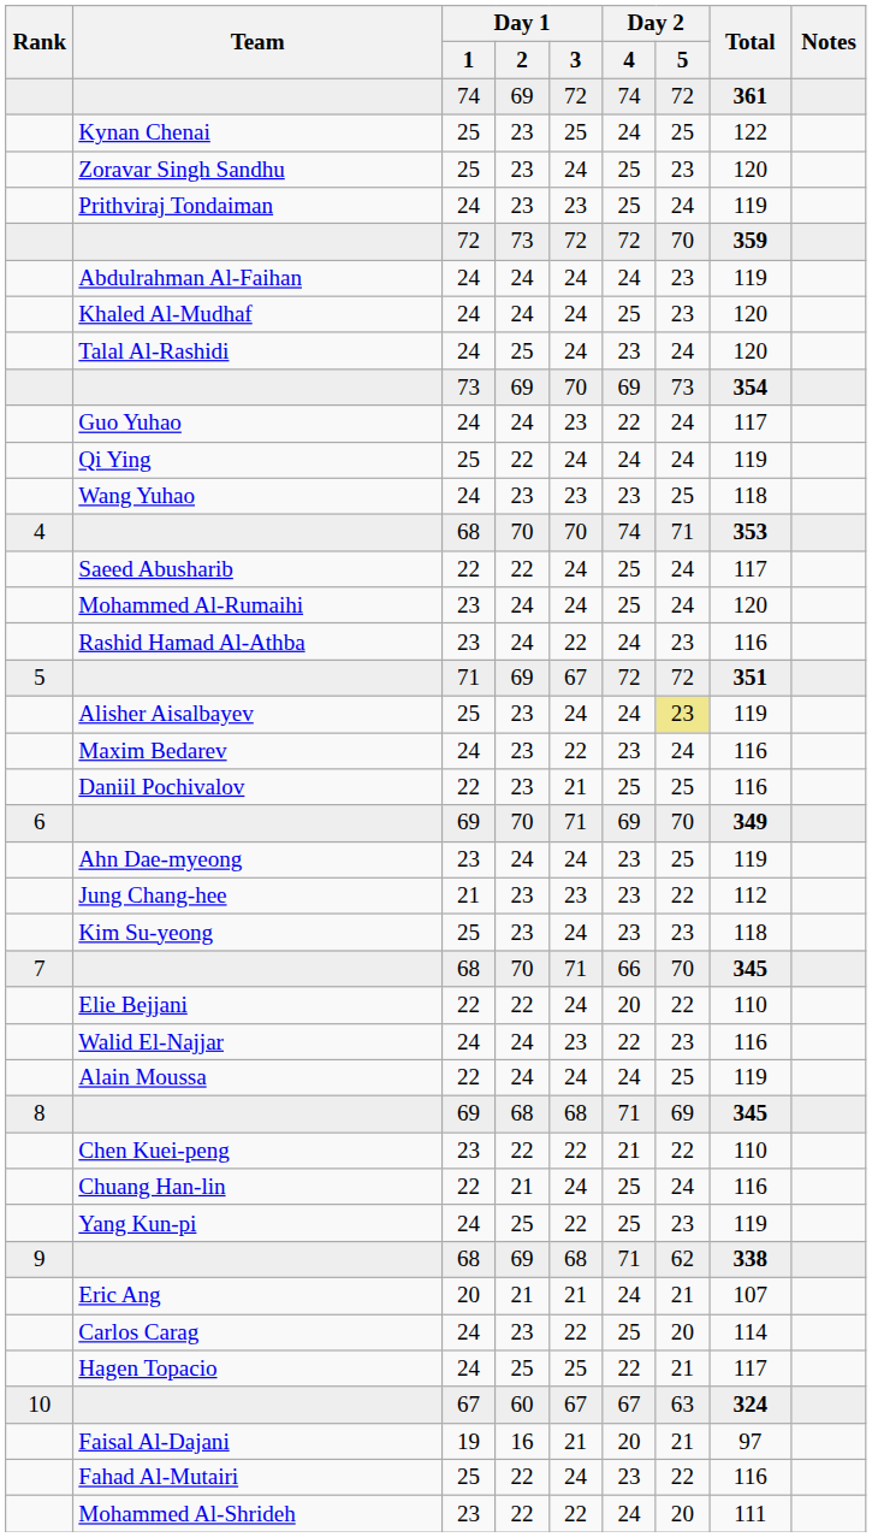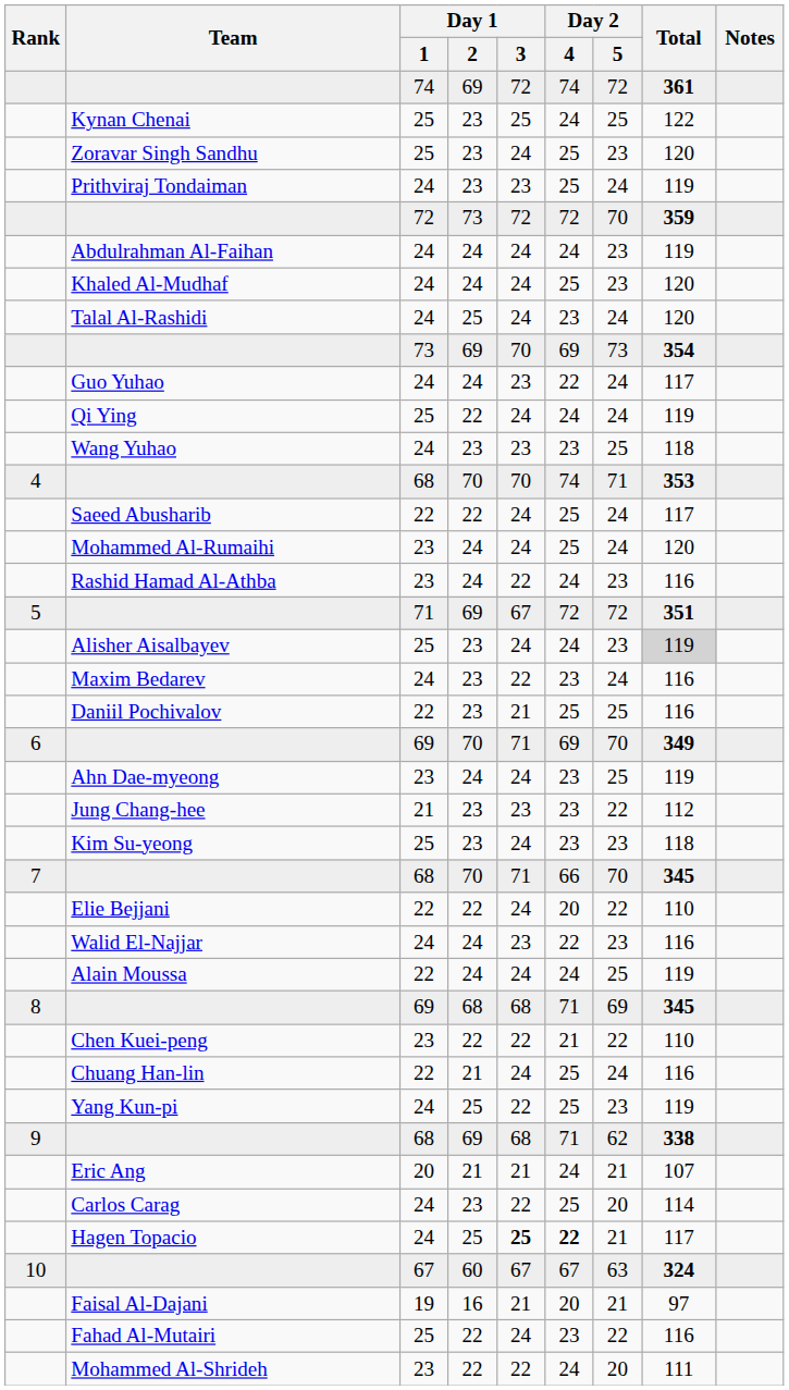 <table class="wikitable" style="text-align:center">
 <tr>
 <th rowspan=2 width=40>Rank</th>
 <th rowspan=2 width=250>Team</th>
 <th colspan=3>Day 1</th>
 <th colspan=2>Day 2</th>
 <th rowspan=2 width=50>Total</th>
 <th rowspan=2 width=45>Notes</th>
 </tr>
 <tr>
 <th width=30>1</th>
 <th width=30>2</th>
 <th width=30>3</th>
 <th width=30>4</th>
 <th width=30>5</th>
 </tr>
 <tr bgcolor=eeeeee>
 <td></td>
 <td align=left></td>
 <td>74</td>
 <td>69</td>
 <td>72</td>
 <td>74</td>
 <td>72</td>
 <td><strong>361</strong></td>
 <td></td>
 </tr>
 <tr>
 <td></td>
 <td align=left><a href='#'>Kynan Chenai</a></td>
 <td>25</td>
 <td>23</td>
 <td>25</td>
 <td>24</td>
 <td>25</td>
 <td>122</td>
 <td></td>
 </tr>
 <tr>
 <td></td>
 <td align=left><a href='#'>Zoravar Singh Sandhu</a></td>
 <td>25</td>
 <td>23</td>
 <td>24</td>
 <td>25</td>
 <td>23</td>
 <td>120</td>
 <td></td>
 </tr>
 <tr>
 <td></td>
 <td align=left><a href='#'>Prithviraj Tondaiman</a></td>
 <td>24</td>
 <td>23</td>
 <td>23</td>
 <td>25</td>
 <td>24</td>
 <td>119</td>
 <td></td>
 </tr>
 <tr bgcolor=eeeeee>
 <td></td>
 <td align=left></td>
 <td>72</td>
 <td>73</td>
 <td>72</td>
 <td>72</td>
 <td>70</td>
 <td><strong>359</strong></td>
 <td></td>
 </tr>
 <tr>
 <td></td>
 <td align=left><a href='#'>Abdulrahman Al-Faihan</a></td>
 <td>24</td>
 <td>24</td>
 <td>24</td>
 <td>24</td>
 <td>23</td>
 <td>119</td>
 <td></td>
 </tr>
 <tr>
 <td></td>
 <td align=left><a href='#'>Khaled Al-Mudhaf</a></td>
 <td>24</td>
 <td>24</td>
 <td>24</td>
 <td>25</td>
 <td>23</td>
 <td>120</td>
 <td></td>
 </tr>
 <tr>
 <td></td>
 <td align=left><a href='#'>Talal Al-Rashidi</a></td>
 <td>24</td>
 <td>25</td>
 <td>24</td>
 <td>23</td>
 <td>24</td>
 <td>120</td>
 <td></td>
 </tr>
 <tr bgcolor=eeeeee>
 <td></td>
 <td align=left></td>
 <td>73</td>
 <td>69</td>
 <td>70</td>
 <td>69</td>
 <td>73</td>
 <td><strong>354</strong></td>
 <td></td>
 </tr>
 <tr>
 <td></td>
 <td align=left><a href='#'>Guo Yuhao</a></td>
 <td>24</td>
 <td>24</td>
 <td>23</td>
 <td>22</td>
 <td>24</td>
 <td>117</td>
 <td></td>
 </tr>
 <tr>
 <td></td>
 <td align=left><a href='#'>Qi Ying</a></td>
 <td>25</td>
 <td>22</td>
 <td>24</td>
 <td>24</td>
 <td>24</td>
 <td>119</td>
 <td></td>
 </tr>
 <tr>
 <td></td>
 <td align=left><a href='#'>Wang Yuhao</a></td>
 <td>24</td>
 <td>23</td>
 <td>23</td>
 <td>23</td>
 <td>25</td>
 <td>118</td>
 <td></td>
 </tr>
 <tr bgcolor=eeeeee>
 <td>4</td>
 <td align=left></td>
 <td>68</td>
 <td>70</td>
 <td>70</td>
 <td>74</td>
 <td>71</td>
 <td><strong>353</strong></td>
 <td></td>
 </tr>
 <tr>
 <td></td>
 <td align=left><a href='#'>Saeed Abusharib</a></td>
 <td>22</td>
 <td>22</td>
 <td>24</td>
 <td>25</td>
 <td>24</td>
 <td>117</td>
 <td></td>
 </tr>
 <tr>
 <td></td>
 <td align=left><a href='#'>Mohammed Al-Rumaihi</a></td>
 <td>23</td>
 <td>24</td>
 <td>24</td>
 <td>25</td>
 <td>24</td>
 <td>120</td>
 <td></td>
 </tr>
 <tr>
 <td></td>
 <td align=left><a href='#'>Rashid Hamad Al-Athba</a></td>
 <td>23</td>
 <td>24</td>
 <td>22</td>
 <td>24</td>
 <td>23</td>
 <td>116</td>
 <td></td>
 </tr>
 <tr bgcolor=eeeeee>
 <td>5</td>
 <td align=left></td>
 <td>71</td>
 <td>69</td>
 <td>67</td>
 <td>72</td>
 <td>72</td>
 <td><strong>351</strong></td>
 <td></td>
 </tr>
 <tr>
 <td></td>
 <td align=left><a href='#'>Alisher Aisalbayev</a></td>
 <td>25</td>
 <td>23</td>
 <td>24</td>
 <td>24</td>
-<td style="background: khaki;">23</td>
-<td>119</td>
+<td>23</td>
+<td style="background: lightgrey;">119</td>
 <td></td>
 </tr>
 <tr>
 <td></td>
 <td align=left><a href='#'>Maxim Bedarev</a></td>
 <td>24</td>
 <td>23</td>
 <td>22</td>
 <td>23</td>
 <td>24</td>
 <td>116</td>
 <td></td>
 </tr>
 <tr>
 <td></td>
 <td align=left><a href='#'>Daniil Pochivalov</a></td>
 <td>22</td>
 <td>23</td>
 <td>21</td>
 <td>25</td>
 <td>25</td>
 <td>116</td>
 <td></td>
 </tr>
 <tr bgcolor=eeeeee>
 <td>6</td>
 <td align=left></td>
 <td>69</td>
 <td>70</td>
 <td>71</td>
 <td>69</td>
 <td>70</td>
 <td><strong>349</strong></td>
 <td></td>
 </tr>
 <tr>
 <td></td>
 <td align=left><a href='#'>Ahn Dae-myeong</a></td>
 <td>23</td>
 <td>24</td>
 <td>24</td>
 <td>23</td>
 <td>25</td>
 <td>119</td>
 <td></td>
 </tr>
 <tr>
 <td></td>
 <td align=left><a href='#'>Jung Chang-hee</a></td>
 <td>21</td>
 <td>23</td>
 <td>23</td>
 <td>23</td>
 <td>22</td>
 <td>112</td>
 <td></td>
 </tr>
 <tr>
 <td></td>
 <td align=left><a href='#'>Kim Su-yeong</a></td>
 <td>25</td>
 <td>23</td>
 <td>24</td>
 <td>23</td>
 <td>23</td>
 <td>118</td>
 <td></td>
 </tr>
 <tr bgcolor=eeeeee>
 <td>7</td>
 <td align=left></td>
 <td>68</td>
 <td>70</td>
 <td>71</td>
 <td>66</td>
 <td>70</td>
 <td><strong>345</strong></td>
 <td></td>
 </tr>
 <tr>
 <td></td>
 <td align=left><a href='#'>Elie Bejjani</a></td>
 <td>22</td>
 <td>22</td>
 <td>24</td>
 <td>20</td>
 <td>22</td>
 <td>110</td>
 <td></td>
 </tr>
 <tr>
 <td></td>
 <td align=left><a href='#'>Walid El-Najjar</a></td>
 <td>24</td>
 <td>24</td>
 <td>23</td>
 <td>22</td>
 <td>23</td>
 <td>116</td>
 <td></td>
 </tr>
 <tr>
 <td></td>
 <td align=left><a href='#'>Alain Moussa</a></td>
 <td>22</td>
 <td>24</td>
 <td>24</td>
 <td>24</td>
 <td>25</td>
 <td>119</td>
 <td></td>
 </tr>
 <tr bgcolor=eeeeee>
 <td>8</td>
 <td align=left></td>
 <td>69</td>
 <td>68</td>
 <td>68</td>
 <td>71</td>
 <td>69</td>
 <td><strong>345</strong></td>
 <td></td>
 </tr>
 <tr>
 <td></td>
 <td align=left><a href='#'>Chen Kuei-peng</a></td>
 <td>23</td>
 <td>22</td>
 <td>22</td>
 <td>21</td>
 <td>22</td>
 <td>110</td>
 <td></td>
 </tr>
 <tr>
 <td></td>
 <td align=left><a href='#'>Chuang Han-lin</a></td>
 <td>22</td>
 <td>21</td>
 <td>24</td>
 <td>25</td>
 <td>24</td>
 <td>116</td>
 <td></td>
 </tr>
 <tr>
 <td></td>
 <td align=left><a href='#'>Yang Kun-pi</a></td>
 <td>24</td>
 <td>25</td>
 <td>22</td>
 <td>25</td>
 <td>23</td>
 <td>119</td>
 <td></td>
 </tr>
 <tr bgcolor=eeeeee>
 <td>9</td>
 <td align=left></td>
 <td>68</td>
 <td>69</td>
 <td>68</td>
 <td>71</td>
 <td>62</td>
 <td><strong>338</strong></td>
 <td></td>
 </tr>
 <tr>
 <td></td>
 <td align=left><a href='#'>Eric Ang</a></td>
 <td>20</td>
 <td>21</td>
 <td>21</td>
 <td>24</td>
 <td>21</td>
 <td>107</td>
 <td></td>
 </tr>
 <tr>
 <td></td>
 <td align=left><a href='#'>Carlos Carag</a></td>
 <td>24</td>
 <td>23</td>
 <td>22</td>
 <td>25</td>
 <td>20</td>
 <td>114</td>
 <td></td>
 </tr>
 <tr>
 <td></td>
 <td align=left><a href='#'>Hagen Topacio</a></td>
 <td>24</td>
 <td>25</td>
-<td>25</td>
-<td>22</td>
+<td><strong>25</strong></td>
+<td><strong>22</strong></td>
 <td>21</td>
 <td>117</td>
 <td></td>
 </tr>
 <tr bgcolor=eeeeee>
 <td>10</td>
 <td align=left></td>
 <td>67</td>
 <td>60</td>
 <td>67</td>
 <td>67</td>
 <td>63</td>
 <td><strong>324</strong></td>
 <td></td>
 </tr>
 <tr>
 <td></td>
 <td align=left><a href='#'>Faisal Al-Dajani</a></td>
 <td>19</td>
 <td>16</td>
 <td>21</td>
 <td>20</td>
 <td>21</td>
 <td>97</td>
 <td></td>
 </tr>
 <tr>
 <td></td>
 <td align=left><a href='#'>Fahad Al-Mutairi</a></td>
 <td>25</td>
 <td>22</td>
 <td>24</td>
 <td>23</td>
 <td>22</td>
 <td>116</td>
 <td></td>
 </tr>
 <tr>
 <td></td>
 <td align=left><a href='#'>Mohammed Al-Shrideh</a></td>
 <td>23</td>
 <td>22</td>
 <td>22</td>
 <td>24</td>
 <td>20</td>
 <td>111</td>
 <td></td>
 </tr>
 </table>
